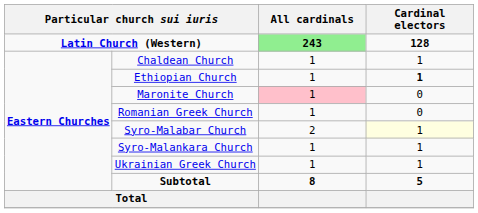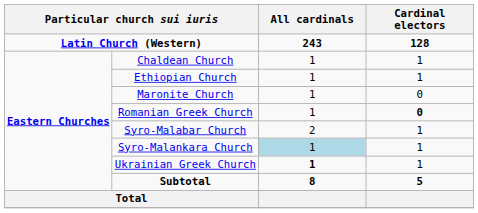 <table class="wikitable" style="text-align:center">
 <tr>
 <th scope="colgroup" colspan="2">Particular church <em>sui iuris</em></th>
 <th scope="col" width="125">All cardinals</th>
 <th scope="col" width="125">Cardinal electors</th>
 </tr>
 <tr>
 <td scope="row" colspan="2"><strong><a href='#'>Latin Church</a> (Western)</strong></td>
-<td style="background: lightgreen;"><strong>243</strong></td>
+<td><strong>243</strong></td>
 <td><strong>128</strong></td>
 </tr>
 <tr>
 <td scope="rowgroup" rowspan="8"><strong><a href='#'>Eastern Churches</a></strong></td>
 <td scope="row"><a href='#'>Chaldean Church</a></td>
 <td>1</td>
 <td>1</td>
 </tr>
 <tr>
 <td scope="row"><a href='#'>Ethiopian Church</a></td>
 <td>1</td>
-<td><strong>1</strong></td>
+<td>1</td>
 </tr>
 <tr>
 <td scope="row"><a href='#'>Maronite Church</a></td>
-<td style="background: pink;">1</td>
+<td>1</td>
 <td>0</td>
 </tr>
 <tr>
 <td scope="row"><a href='#'>Romanian Greek Church</a></td>
 <td>1</td>
-<td>0</td>
+<td><strong>0</strong></td>
 </tr>
 <tr>
 <td scope="row"><a href='#'>Syro-Malabar Church</a></td>
 <td>2</td>
-<td style="background: lightyellow;">1</td>
+<td>1</td>
 </tr>
 <tr>
 <td scope="row"><a href='#'>Syro-Malankara Church</a></td>
-<td>1</td>
+<td style="background: lightblue;">1</td>
 <td>1</td>
 </tr>
 <tr>
 <td scope="row"><a href='#'>Ukrainian Greek Church</a></td>
-<td>1</td>
+<td><strong>1</strong></td>
 <td>1</td>
 </tr>
 <tr>
 <td scope="row"><strong>Subtotal</strong></td>
 <td><strong>8</strong></td>
 <td><strong>5</strong></td>
 </tr>
 <tr>
 <th scope="row" colspan="2">Total</th>
 <th></th>
 <th></th>
 </tr>
 <tr>
 </tr>
 </table>
